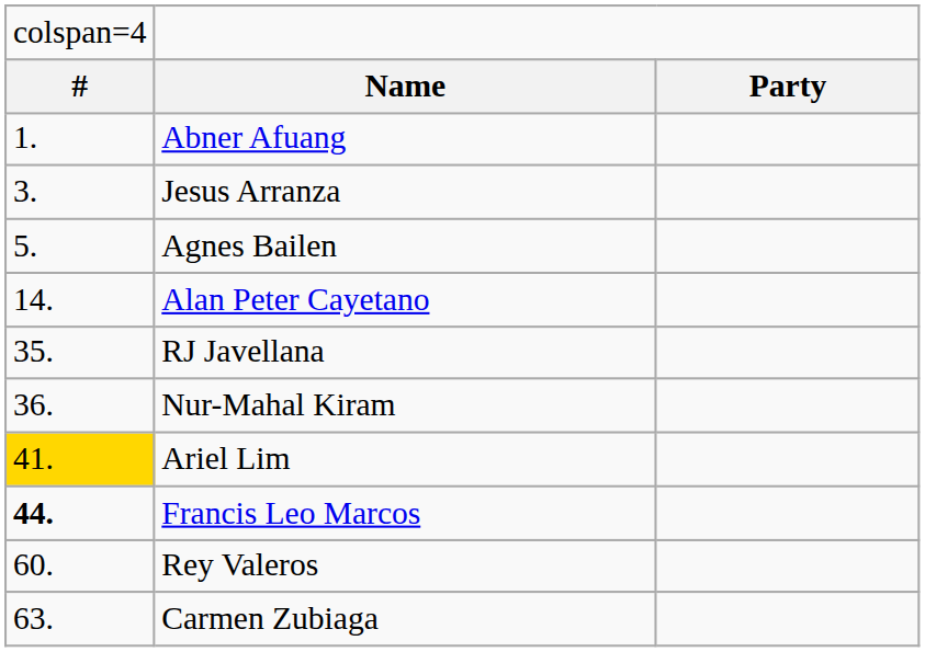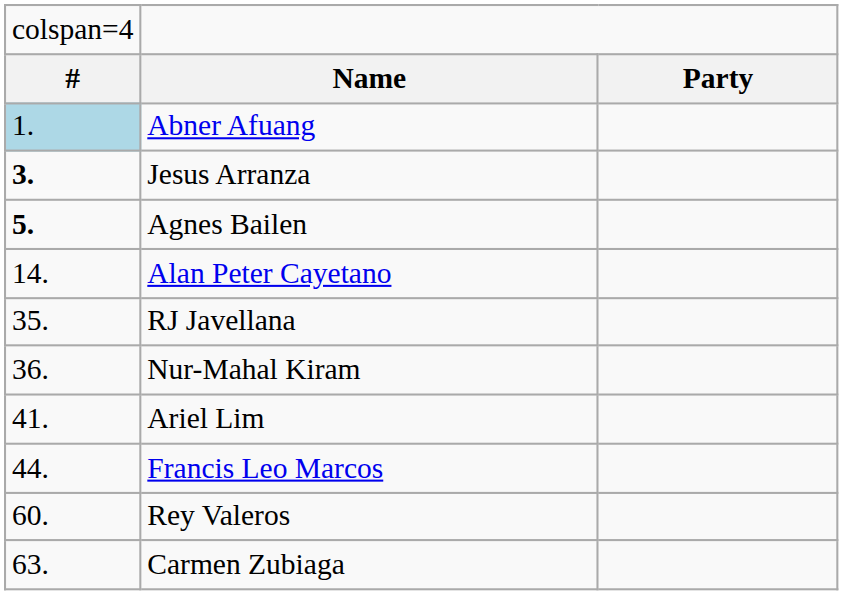 <table class=wikitable style="font-size:90%">
 <tr>
 <td>colspan=4 </td>
 </tr>
 <tr>
 <th>#</th>
 <th width=55%>Name</th>
 <th colspan=2 width=110px>Party</th>
 </tr>
 <tr>
-<td>1.</td>
+<td style="background: lightblue;">1.</td>
 <td><a href='#'>Abner Afuang</a></td>
 <td></td>
 </tr>
 <tr>
-<td>3.</td>
+<td><strong>3.</strong></td>
 <td>Jesus Arranza</td>
 <td></td>
 </tr>
 <tr>
-<td>5.</td>
+<td><strong>5.</strong></td>
 <td>Agnes Bailen</td>
 <td></td>
 </tr>
 <tr>
 <td>14.</td>
 <td><a href='#'>Alan Peter Cayetano</a></td>
 <td></td>
 </tr>
 <tr>
 <td>35.</td>
 <td>RJ Javellana</td>
 <td></td>
 </tr>
 <tr>
 <td>36.</td>
 <td>Nur-Mahal Kiram</td>
 <td></td>
 </tr>
 <tr>
-<td style="background: gold;">41.</td>
+<td>41.</td>
 <td>Ariel Lim</td>
 <td></td>
 </tr>
 <tr>
-<td><strong>44.</strong></td>
+<td>44.</td>
 <td><a href='#'>Francis Leo Marcos</a></td>
 <td></td>
 </tr>
 <tr>
 <td>60.</td>
 <td>Rey Valeros</td>
 <td></td>
 </tr>
 <tr>
 <td>63.</td>
 <td>Carmen Zubiaga</td>
 <td></td>
 </tr>
 </table>
